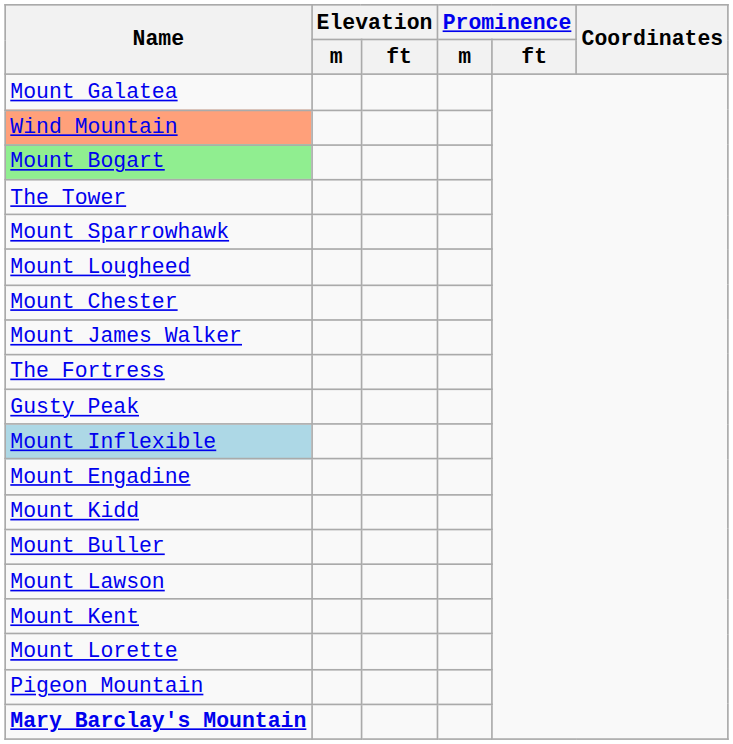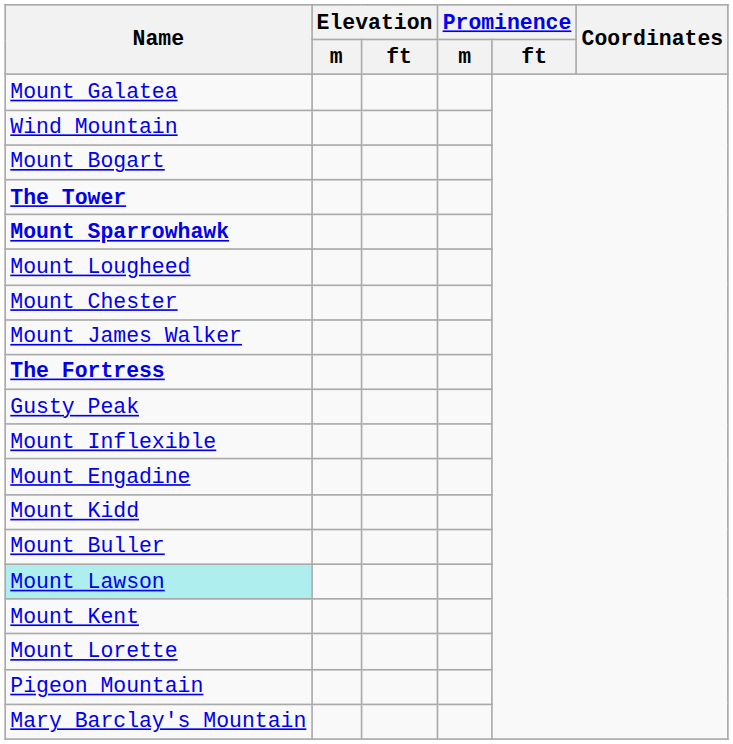 <table class="wikitable" style="margin-left:3em">
 <tr>
 <th rowspan=2>Name</th>
 <th colspan=2>Elevation</th>
 <th colspan=2><a href='#'>Prominence</a></th>
 <th rowspan=2>Coordinates</th>
 </tr>
 <tr>
 <th>m</th>
 <th>ft</th>
 <th>m</th>
 <th>ft</th>
 </tr>
 <tr>
 <td><a href='#'>Mount Galatea</a></td>
 <td></td>
 <td></td>
 <td></td>
 </tr>
 <tr>
-<td style="background: lightsalmon;"><a href='#'>Wind Mountain</a></td>
+<td><a href='#'>Wind Mountain</a></td>
 <td></td>
 <td></td>
 <td></td>
 </tr>
 <tr>
-<td style="background: lightgreen;"><a href='#'>Mount Bogart</a></td>
+<td><a href='#'>Mount Bogart</a></td>
 <td></td>
 <td></td>
 <td></td>
 </tr>
 <tr>
-<td><a href='#'>The Tower</a></td>
+<td><strong><a href='#'>The Tower</a></strong></td>
 <td></td>
 <td></td>
 <td></td>
 </tr>
 <tr>
-<td><a href='#'>Mount Sparrowhawk</a></td>
+<td><strong><a href='#'>Mount Sparrowhawk</a></strong></td>
 <td></td>
 <td></td>
 <td></td>
 </tr>
 <tr>
 <td><a href='#'>Mount Lougheed</a></td>
 <td></td>
 <td></td>
 <td></td>
 </tr>
 <tr>
 <td><a href='#'>Mount Chester</a></td>
 <td></td>
 <td></td>
 <td></td>
 </tr>
 <tr>
 <td><a href='#'>Mount James Walker</a></td>
 <td></td>
 <td></td>
 <td></td>
 </tr>
 <tr>
-<td><a href='#'>The Fortress</a></td>
+<td><strong><a href='#'>The Fortress</a></strong></td>
 <td></td>
 <td></td>
 <td></td>
 </tr>
 <tr>
 <td><a href='#'>Gusty Peak</a></td>
 <td></td>
 <td></td>
 <td></td>
 </tr>
 <tr>
-<td style="background: lightblue;"><a href='#'>Mount Inflexible</a></td>
+<td><a href='#'>Mount Inflexible</a></td>
 <td></td>
 <td></td>
 <td></td>
 </tr>
 <tr>
 <td><a href='#'>Mount Engadine</a></td>
 <td></td>
 <td></td>
 <td></td>
 </tr>
 <tr>
 <td><a href='#'>Mount Kidd</a></td>
 <td></td>
 <td></td>
 <td></td>
 </tr>
 <tr>
 <td><a href='#'>Mount Buller</a></td>
 <td></td>
 <td></td>
 <td></td>
 </tr>
 <tr>
-<td><a href='#'>Mount Lawson</a></td>
+<td style="background: paleturquoise;"><a href='#'>Mount Lawson</a></td>
 <td></td>
 <td></td>
 <td></td>
 </tr>
 <tr>
 <td><a href='#'>Mount Kent</a></td>
 <td></td>
 <td></td>
 <td></td>
 </tr>
 <tr>
 <td><a href='#'>Mount Lorette</a></td>
 <td></td>
 <td></td>
 <td></td>
 </tr>
 <tr>
 <td><a href='#'>Pigeon Mountain</a></td>
 <td></td>
 <td></td>
 <td></td>
 </tr>
 <tr>
-<td><strong><a href='#'>Mary Barclay's Mountain</a></strong></td>
+<td><a href='#'>Mary Barclay's Mountain</a></td>
 <td></td>
 <td></td>
 <td></td>
 </tr>
 </table>
